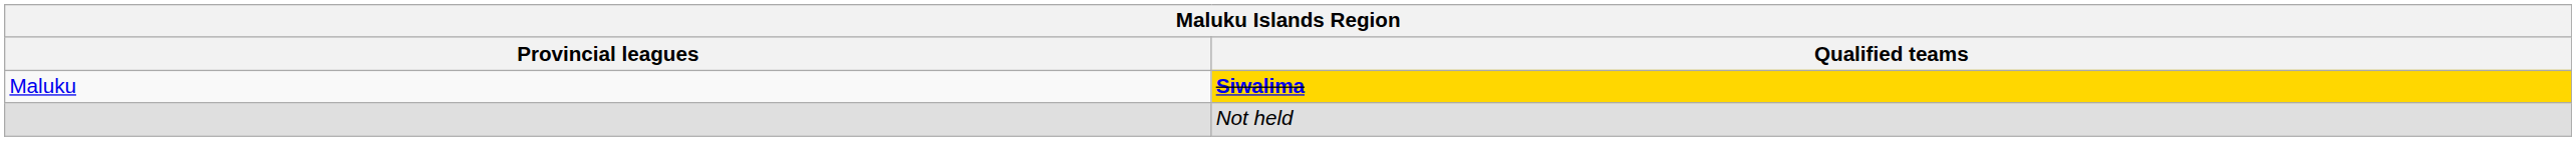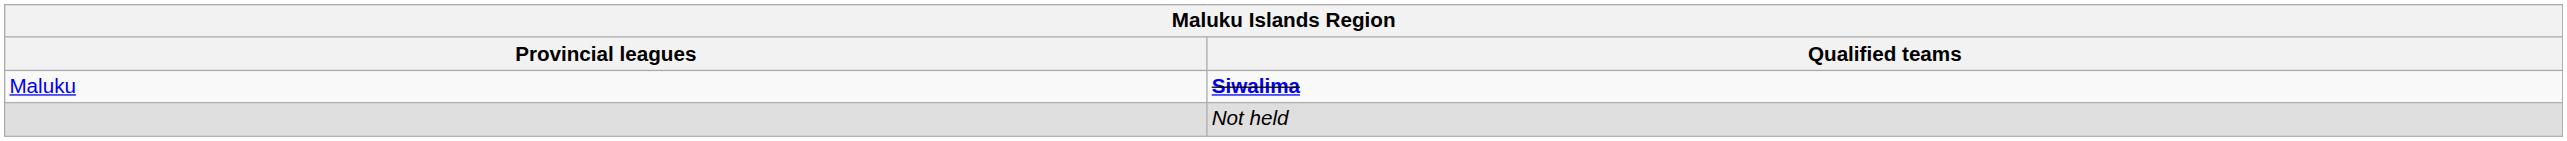 <table class="wikitable sortable" style="width:100%;">
 <tr>
 <th colspan="2"><strong>Maluku Islands Region</strong></th>
 </tr>
 <tr>
 <th style="width:47%;">Provincial leagues</th>
 <th style="width:53%;">Qualified teams</th>
 </tr>
 <tr>
 <td> <a href='#'>Maluku</a></td>
-<td style="background: gold;"><s><strong><a href='#'>Siwalima</a></strong></s></td>
+<td><s><strong><a href='#'>Siwalima</a></strong></s></td>
 </tr>
 <tr bgcolor="#DFDFDF">
 <td></td>
 <td><em>Not held</em></td>
 </tr>
 </table>
